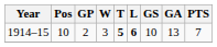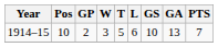 <table class="wikitable" style="text-align:center;">
 <tr>
 <th>Year</th>
 <th>Pos</th>
 <th>GP</th>
 <th>W</th>
 <th>T</th>
 <th>L</th>
 <th>GS</th>
 <th>GA</th>
 <th>PTS</th>
 </tr>
 <tr>
 <td>1914–15</td>
 <td>10</td>
 <td>2</td>
 <td>3</td>
-<td><strong>5</strong></td>
-<td><strong>6</strong></td>
+<td>5</td>
+<td>6</td>
 <td>10</td>
 <td>13</td>
 <td>7</td>
 </tr>
 <tr>
 </tr>
 </table>
